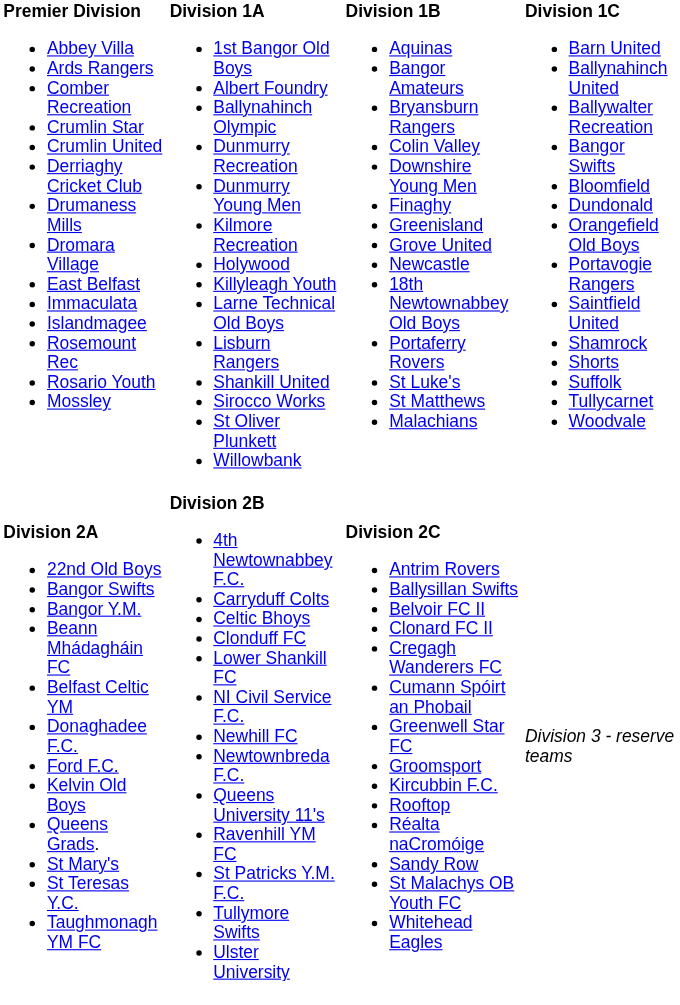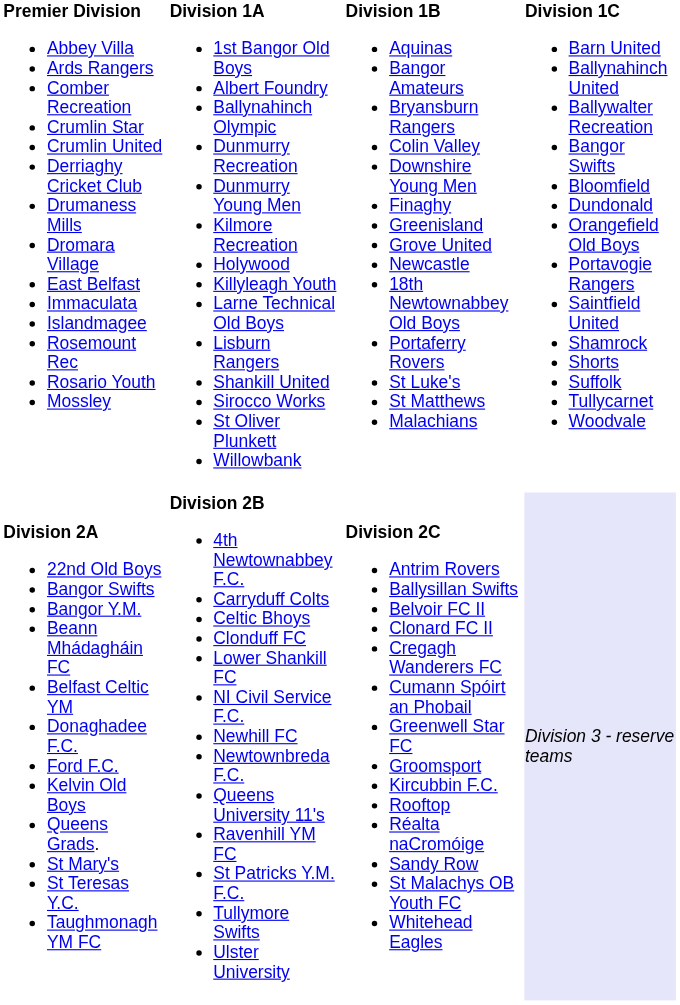 <table -table cellpadding="1" cellspacing="3" style="width: 100%; text-align: left; border:0">
 <tr>
 <td valign="top"><br><strong>Premier Division</strong><ul><li><a href='#'>Abbey Villa</a></li><li><a href='#'>Ards Rangers</a></li><li><a href='#'>Comber Recreation</a></li><li><a href='#'>Crumlin Star</a></li><li><a href='#'>Crumlin United</a></li><li><a href='#'>Derriaghy Cricket Club</a></li><li><a href='#'>Drumaness Mills</a></li><li><a href='#'>Dromara Village</a></li><li><a href='#'>East Belfast</a></li><li><a href='#'>Immaculata</a></li><li><a href='#'>Islandmagee</a></li><li><a href='#'>Rosemount Rec</a></li><li><a href='#'>Rosario Youth</a></li><li><a href='#'>Mossley</a></li></ul></td>
 <td valign="top"><br><strong>Division 1A</strong><ul><li><a href='#'>1st Bangor Old Boys</a></li><li><a href='#'>Albert Foundry</a></li><li><a href='#'>Ballynahinch Olympic</a></li><li><a href='#'>Dunmurry Recreation</a></li><li><a href='#'>Dunmurry Young Men</a></li><li><a href='#'>Kilmore Recreation</a></li><li><a href='#'>Holywood</a></li><li><a href='#'>Killyleagh Youth</a></li><li><a href='#'>Larne Technical Old Boys</a></li><li><a href='#'>Lisburn Rangers</a></li><li><a href='#'>Shankill United</a></li><li><a href='#'>Sirocco Works</a></li><li><a href='#'>St Oliver Plunkett</a></li><li><a href='#'>Willowbank</a></li></ul></td>
 <td valign="top"><br><strong>Division 1B</strong><ul><li><a href='#'>Aquinas</a></li><li><a href='#'>Bangor Amateurs</a></li><li><a href='#'>Bryansburn Rangers</a></li><li><a href='#'>Colin Valley</a></li><li><a href='#'>Downshire Young Men</a></li><li><a href='#'>Finaghy</a></li><li><a href='#'>Greenisland</a></li><li><a href='#'>Grove United</a></li><li><a href='#'>Newcastle</a></li><li><a href='#'>18th Newtownabbey Old Boys</a></li><li><a href='#'>Portaferry Rovers</a></li><li><a href='#'>St Luke's</a></li><li><a href='#'>St Matthews</a></li><li><a href='#'>Malachians</a></li></ul></td>
 <td valign="top"><br><strong>Division 1C</strong><ul><li><a href='#'>Barn United</a></li><li><a href='#'>Ballynahinch United</a></li><li><a href='#'>Ballywalter Recreation</a></li><li><a href='#'>Bangor Swifts</a></li><li><a href='#'>Bloomfield</a></li><li><a href='#'>Dundonald</a></li><li><a href='#'>Orangefield Old Boys</a></li><li><a href='#'>Portavogie Rangers</a></li><li><a href='#'>Saintfield United</a></li><li><a href='#'>Shamrock</a></li><li><a href='#'>Shorts</a></li><li><a href='#'>Suffolk</a></li><li><a href='#'>Tullycarnet</a></li><li><a href='#'>Woodvale</a></li></ul></td>
 </tr>
 <tr>
 <td><strong>Division 2A</strong><br><ul><li><a href='#'>22nd Old Boys</a></li><li><a href='#'>Bangor Swifts</a></li><li><a href='#'>Bangor Y.M.</a></li><li><a href='#'>Beann Mhádagháin FC</a></li><li><a href='#'>Belfast Celtic YM</a></li><li><a href='#'>Donaghadee F.C.</a></li><li><a href='#'>Ford F.C.</a></li><li><a href='#'>Kelvin Old Boys</a></li><li><a href='#'>Queens Grads</a>.</li><li><a href='#'>St Mary's</a></li><li><a href='#'>St Teresas Y.C.</a></li><li><a href='#'>Taughmonagh YM FC</a></li></ul></td>
 <td><strong>Division 2B</strong><br><ul><li><a href='#'>4th Newtownabbey F.C.</a></li><li><a href='#'>Carryduff Colts</a></li><li><a href='#'>Celtic Bhoys</a></li><li><a href='#'>Clonduff FC</a></li><li><a href='#'>Lower Shankill FC</a></li><li><a href='#'>NI Civil Service F.C.</a></li><li><a href='#'>Newhill FC</a></li><li><a href='#'>Newtownbreda F.C.</a></li><li><a href='#'>Queens University 11's</a></li><li><a href='#'>Ravenhill YM FC</a></li><li><a href='#'>St Patricks Y.M. F.C.</a></li><li><a href='#'>Tullymore Swifts</a></li><li><a href='#'>Ulster University</a></li></ul></td>
 <td><strong>Division 2C </strong><br><ul><li><a href='#'>Antrim Rovers</a></li><li><a href='#'>Ballysillan Swifts</a></li><li><a href='#'>Belvoir FC II</a></li><li><a href='#'>Clonard FC II</a></li><li><a href='#'>Cregagh Wanderers FC</a></li><li><a href='#'>Cumann Spóirt an Phobail</a></li><li><a href='#'>Greenwell Star FC</a></li><li><a href='#'>Groomsport</a></li><li><a href='#'>Kircubbin F.C.</a></li><li><a href='#'>Rooftop</a></li><li><a href='#'>Réalta naCromóige</a></li><li><a href='#'>Sandy Row</a></li><li><a href='#'>St Malachys OB Youth FC</a></li><li><a href='#'>Whitehead Eagles</a></li></ul></td>
-<td><em>Division 3 - reserve teams</em></td>
+<td style="background: lavender;"><em>Division 3 - reserve teams</em></td>
 </tr>
 </table>
